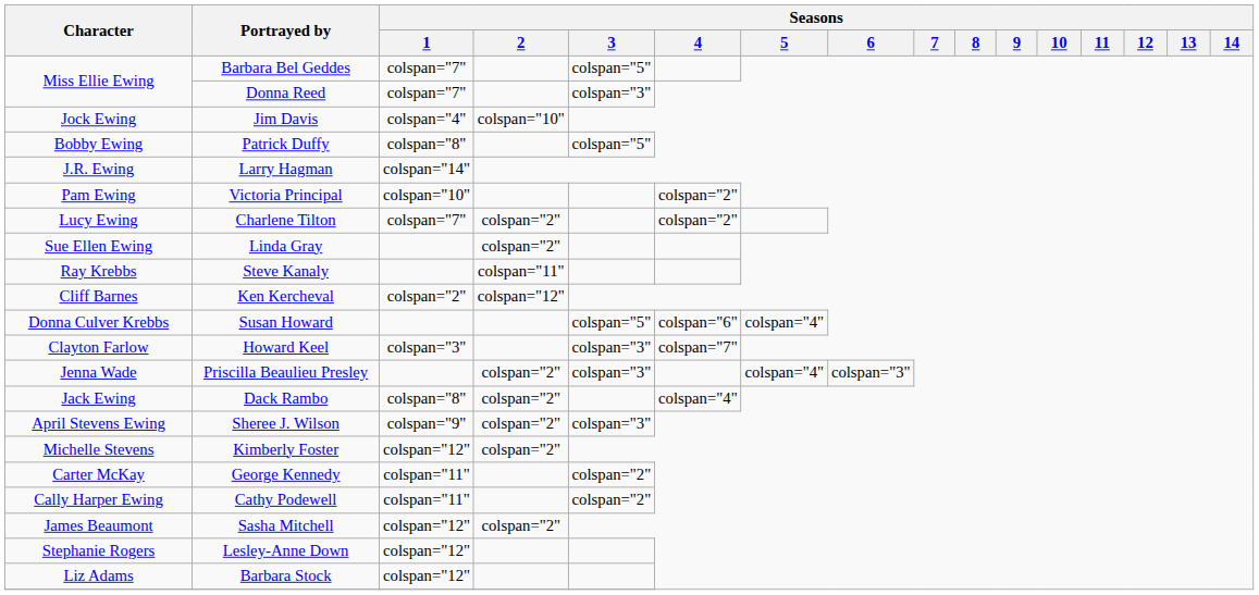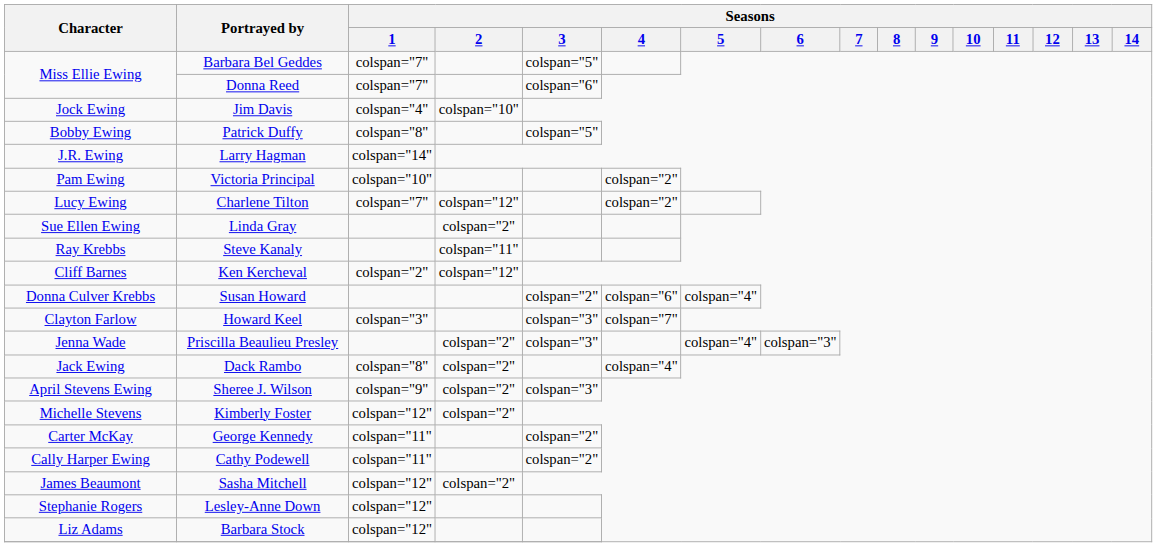 <table class="wikitable" style="text-align:center">
 <tr>
 <th rowspan="2" style="width:18%;">Character</th>
 <th rowspan="2" style="width:18%;">Portrayed by</th>
 <th colspan="14">Seasons</th>
 </tr>
 <tr>
 <th scope="col" style="width:4%;"><a href='#'>1</a></th>
 <th scope="col" style="width:4%;"><a href='#'>2</a></th>
 <th scope="col" style="width:4%;"><a href='#'>3</a></th>
 <th scope="col" style="width:4%;"><a href='#'>4</a></th>
 <th scope="col" style="width:4%;"><a href='#'>5</a></th>
 <th scope="col" style="width:4%;"><a href='#'>6</a></th>
 <th scope="col" style="width:4%;"><a href='#'>7</a></th>
 <th scope="col" style="width:4%;"><a href='#'>8</a></th>
 <th scope="col" style="width:4%;"><a href='#'>9</a></th>
 <th scope="col" style="width:4%;"><a href='#'>10</a></th>
 <th scope="col" style="width:4%;"><a href='#'>11</a></th>
 <th scope="col" style="width:4%;"><a href='#'>12</a></th>
 <th scope="col" style="width:4%;"><a href='#'>13</a></th>
 <th scope="col" style="width:4%;"><a href='#'>14</a></th>
 </tr>
 <tr>
 <td rowspan="2"><a href='#'>Miss Ellie Ewing</a></td>
 <td><a href='#'>Barbara Bel Geddes</a></td>
 <td>colspan="7" </td>
 <td></td>
 <td>colspan="5" </td>
 <td></td>
 </tr>
 <tr>
 <td><a href='#'>Donna Reed</a></td>
 <td>colspan="7"  </td>
 <td></td>
-<td>colspan="3" </td>
+<td>colspan="6" </td>
 </tr>
 <tr>
 <td><a href='#'>Jock Ewing</a></td>
 <td><a href='#'>Jim Davis</a></td>
 <td>colspan="4" </td>
 <td>colspan="10" </td>
 </tr>
 <tr>
 <td><a href='#'>Bobby Ewing</a></td>
 <td><a href='#'>Patrick Duffy</a></td>
 <td>colspan="8" </td>
 <td></td>
 <td>colspan="5" </td>
 </tr>
 <tr>
 <td><a href='#'>J.R. Ewing</a></td>
 <td><a href='#'>Larry Hagman</a></td>
 <td>colspan="14" </td>
 </tr>
 <tr>
 <td><a href='#'>Pam Ewing</a></td>
 <td><a href='#'>Victoria Principal</a></td>
 <td>colspan="10" </td>
 <td></td>
 <td></td>
 <td>colspan="2" </td>
 </tr>
 <tr>
 <td><a href='#'>Lucy Ewing</a></td>
 <td><a href='#'>Charlene Tilton</a></td>
 <td>colspan="7" </td>
-<td>colspan="2" </td>
+<td>colspan="12" </td>
 <td></td>
 <td>colspan="2" </td>
 <td></td>
 </tr>
 <tr>
 <td><a href='#'>Sue Ellen Ewing</a></td>
 <td><a href='#'>Linda Gray</a></td>
 <td></td>
 <td>colspan="2" </td>
 <td></td>
 <td></td>
 </tr>
 <tr>
 <td><a href='#'>Ray Krebbs</a></td>
 <td><a href='#'>Steve Kanaly</a></td>
 <td></td>
 <td>colspan="11" </td>
 <td></td>
 <td></td>
 </tr>
 <tr>
 <td><a href='#'>Cliff Barnes</a></td>
 <td><a href='#'>Ken Kercheval</a></td>
 <td>colspan="2" </td>
 <td>colspan="12" </td>
 </tr>
 <tr>
 <td><a href='#'>Donna Culver Krebbs</a></td>
 <td><a href='#'>Susan Howard</a></td>
 <td></td>
 <td></td>
-<td>colspan="5" </td>
+<td>colspan="2" </td>
 <td>colspan="6" </td>
 <td>colspan="4" </td>
 </tr>
 <tr>
 <td><a href='#'>Clayton Farlow</a></td>
 <td><a href='#'>Howard Keel</a></td>
 <td>colspan="3" </td>
 <td></td>
 <td>colspan="3" </td>
 <td>colspan="7" </td>
 </tr>
 <tr>
 <td><a href='#'>Jenna Wade</a></td>
 <td><a href='#'>Priscilla Beaulieu Presley</a></td>
 <td></td>
 <td>colspan="2" </td>
 <td>colspan="3" </td>
 <td></td>
 <td>colspan="4" </td>
 <td>colspan="3" </td>
 </tr>
 <tr>
 <td><a href='#'>Jack Ewing</a></td>
 <td><a href='#'>Dack Rambo</a></td>
 <td>colspan="8" </td>
 <td>colspan="2" </td>
 <td></td>
 <td>colspan="4" </td>
 </tr>
 <tr>
 <td><a href='#'>April Stevens Ewing</a></td>
 <td><a href='#'>Sheree J. Wilson</a></td>
 <td>colspan="9" </td>
 <td>colspan="2" </td>
 <td>colspan="3" </td>
 </tr>
 <tr>
 <td><a href='#'>Michelle Stevens</a></td>
 <td><a href='#'>Kimberly Foster</a></td>
 <td>colspan="12" </td>
 <td>colspan="2" </td>
 </tr>
 <tr>
 <td><a href='#'>Carter McKay</a></td>
 <td><a href='#'>George Kennedy</a></td>
 <td>colspan="11" </td>
 <td></td>
 <td>colspan="2" </td>
 </tr>
 <tr>
 <td><a href='#'>Cally Harper Ewing</a></td>
 <td><a href='#'>Cathy Podewell</a></td>
 <td>colspan="11" </td>
 <td></td>
 <td>colspan="2" </td>
 </tr>
 <tr>
 <td><a href='#'>James Beaumont</a></td>
 <td><a href='#'>Sasha Mitchell</a></td>
 <td>colspan="12" </td>
 <td>colspan="2" </td>
 </tr>
 <tr>
 <td><a href='#'>Stephanie Rogers</a></td>
 <td><a href='#'>Lesley-Anne Down</a></td>
 <td>colspan="12" </td>
 <td></td>
 <td></td>
 </tr>
 <tr>
 <td><a href='#'>Liz Adams</a></td>
 <td><a href='#'>Barbara Stock</a></td>
 <td>colspan="12" </td>
 <td></td>
 <td></td>
 </tr>
 <tr>
 </tr>
 </table>
